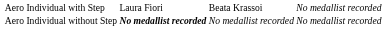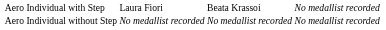 <table>
 <tr>
 <td>Aero Individual with Step</td>
 <td>Laura Fiori </td>
 <td>Beata Krassoi </td>
 <td><em>No medallist recorded</em></td>
 </tr>
 <tr>
 <td>Aero Individual without Step</td>
-<td><strong><em>No medallist recorded</em></strong></td>
+<td><em>No medallist recorded</em></td>
 <td><em>No medallist recorded</em></td>
 <td><em>No medallist recorded</em></td>
 </tr>
 <tr>
 </tr>
 </table>
